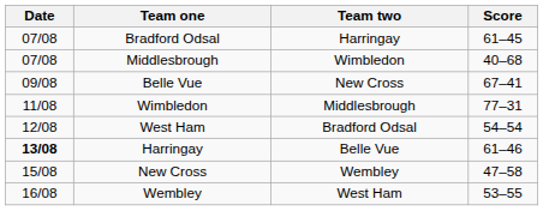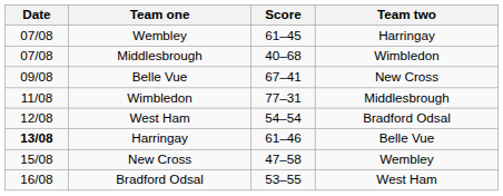 <table class="wikitable" style="text-align: center">
 <tr>
 <th width=80>Date</th>
 <th width=250>Team one</th>
+<th width=80>Score</th>
 <th width=250>Team two</th>
-<th width=80>Score</th>
 </tr>
 <tr>
 <td>07/08</td>
-<td>Bradford Odsal</td>
+<td>Wembley</td>
+<td>61–45</td>
 <td>Harringay</td>
-<td>61–45</td>
 </tr>
 <tr>
 <td>07/08</td>
 <td>Middlesbrough</td>
+<td>40–68</td>
 <td>Wimbledon</td>
-<td>40–68</td>
 </tr>
 <tr>
 <td>09/08</td>
 <td>Belle Vue</td>
+<td>67–41</td>
 <td>New Cross</td>
-<td>67–41</td>
 </tr>
 <tr>
 <td>11/08</td>
 <td>Wimbledon</td>
+<td>77–31</td>
 <td>Middlesbrough</td>
-<td>77–31</td>
 </tr>
 <tr>
 <td>12/08</td>
 <td>West Ham</td>
+<td>54–54</td>
 <td>Bradford Odsal</td>
-<td>54–54</td>
 </tr>
 <tr>
 <td><strong>13/08</strong></td>
 <td>Harringay</td>
+<td>61–46</td>
 <td>Belle Vue</td>
-<td>61–46</td>
 </tr>
 <tr>
 <td>15/08</td>
 <td>New Cross</td>
+<td>47–58</td>
 <td>Wembley</td>
-<td>47–58</td>
 </tr>
 <tr>
 <td>16/08</td>
-<td>Wembley</td>
+<td>Bradford Odsal</td>
+<td>53–55</td>
 <td>West Ham</td>
-<td>53–55</td>
 </tr>
 </table>
